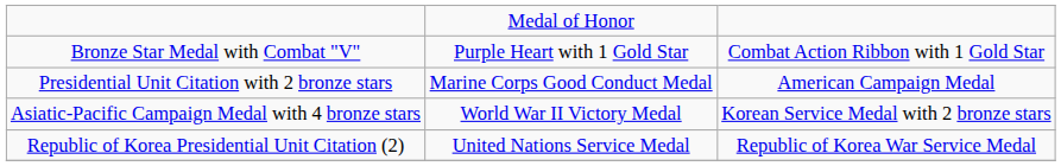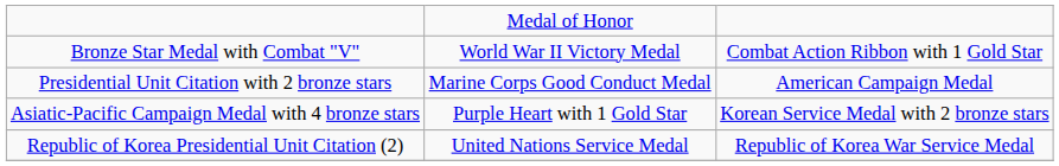 <table class="wikitable" style="margin:1em auto; text-align:center;">
 <tr>
 <td></td>
 <td><a href='#'>Medal of Honor</a></td>
 <td></td>
 </tr>
 <tr>
 <td><a href='#'>Bronze Star Medal</a> with <a href='#'>Combat "V"</a></td>
-<td><a href='#'>Purple Heart</a> with 1 <a href='#'>Gold Star</a></td>
+<td><a href='#'>World War II Victory Medal</a></td>
 <td><a href='#'>Combat Action Ribbon</a> with 1 <a href='#'>Gold Star</a></td>
 </tr>
 <tr>
 <td><a href='#'>Presidential Unit Citation</a> with 2 <a href='#'>bronze stars</a></td>
 <td><a href='#'>Marine Corps Good Conduct Medal</a></td>
 <td><a href='#'>American Campaign Medal</a></td>
 </tr>
 <tr>
 <td><a href='#'>Asiatic-Pacific Campaign Medal</a> with 4 <a href='#'>bronze stars</a></td>
-<td><a href='#'>World War II Victory Medal</a></td>
+<td><a href='#'>Purple Heart</a> with 1 <a href='#'>Gold Star</a></td>
 <td><a href='#'>Korean Service Medal</a> with 2 <a href='#'>bronze stars</a></td>
 </tr>
 <tr>
 <td><a href='#'>Republic of Korea Presidential Unit Citation</a> (2)</td>
 <td><a href='#'>United Nations Service Medal</a></td>
 <td><a href='#'>Republic of Korea War Service Medal</a></td>
 </tr>
 <tr>
 </tr>
 </table>
